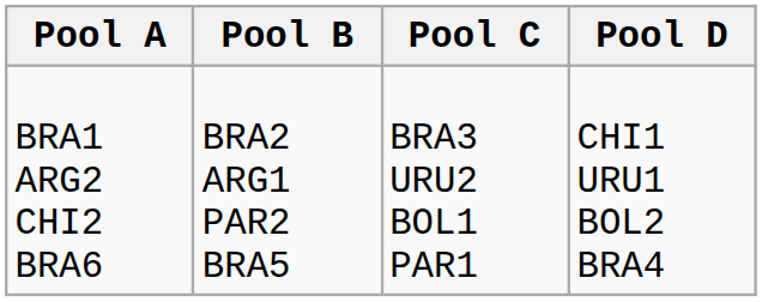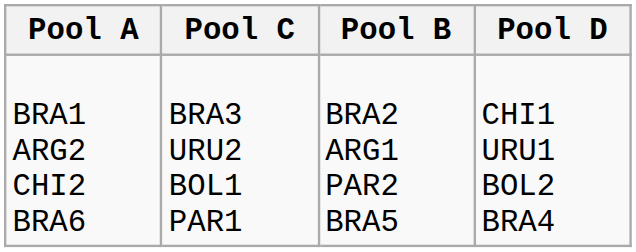 <table class="wikitable">
 <tr>
 <th width=20%>Pool A</th>
+<th width=20%>Pool C</th>
 <th width=20%>Pool B</th>
-<th width=20%>Pool C</th>
 <th width=20%>Pool D</th>
 </tr>
 <tr>
 <td><br> BRA1<br>  ARG2<br>  CHI2<br>  BRA6</td>
+<td><br> BRA3<br>  URU2<br>  BOL1<br>  PAR1</td>
 <td><br> BRA2<br>  ARG1<br>  PAR2<br>  BRA5</td>
-<td><br> BRA3<br>  URU2<br>  BOL1<br>  PAR1</td>
 <td><br> CHI1<br>  URU1<br>  BOL2<br>  BRA4</td>
 </tr>
 </table>
